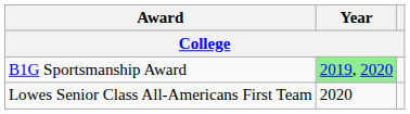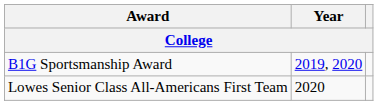 <table class="wikitable">
 <tr>
 <th>Award</th>
 <th>Year</th>
 <th></th>
 </tr>
 <tr ALIGN="center" bgcolor="#e0e0e0">
 <th colspan="3"><a href='#'>College</a></th>
 </tr>
 <tr>
 <td><a href='#'>B1G</a> Sportsmanship Award</td>
-<td style="background: lightgreen;"><a href='#'>2019</a>, <a href='#'>2020</a></td>
+<td><a href='#'>2019</a>, <a href='#'>2020</a></td>
 <td></td>
 </tr>
 <tr>
 <td>Lowes Senior Class All-Americans First Team</td>
 <td>2020</td>
 <td></td>
 </tr>
 </table>
